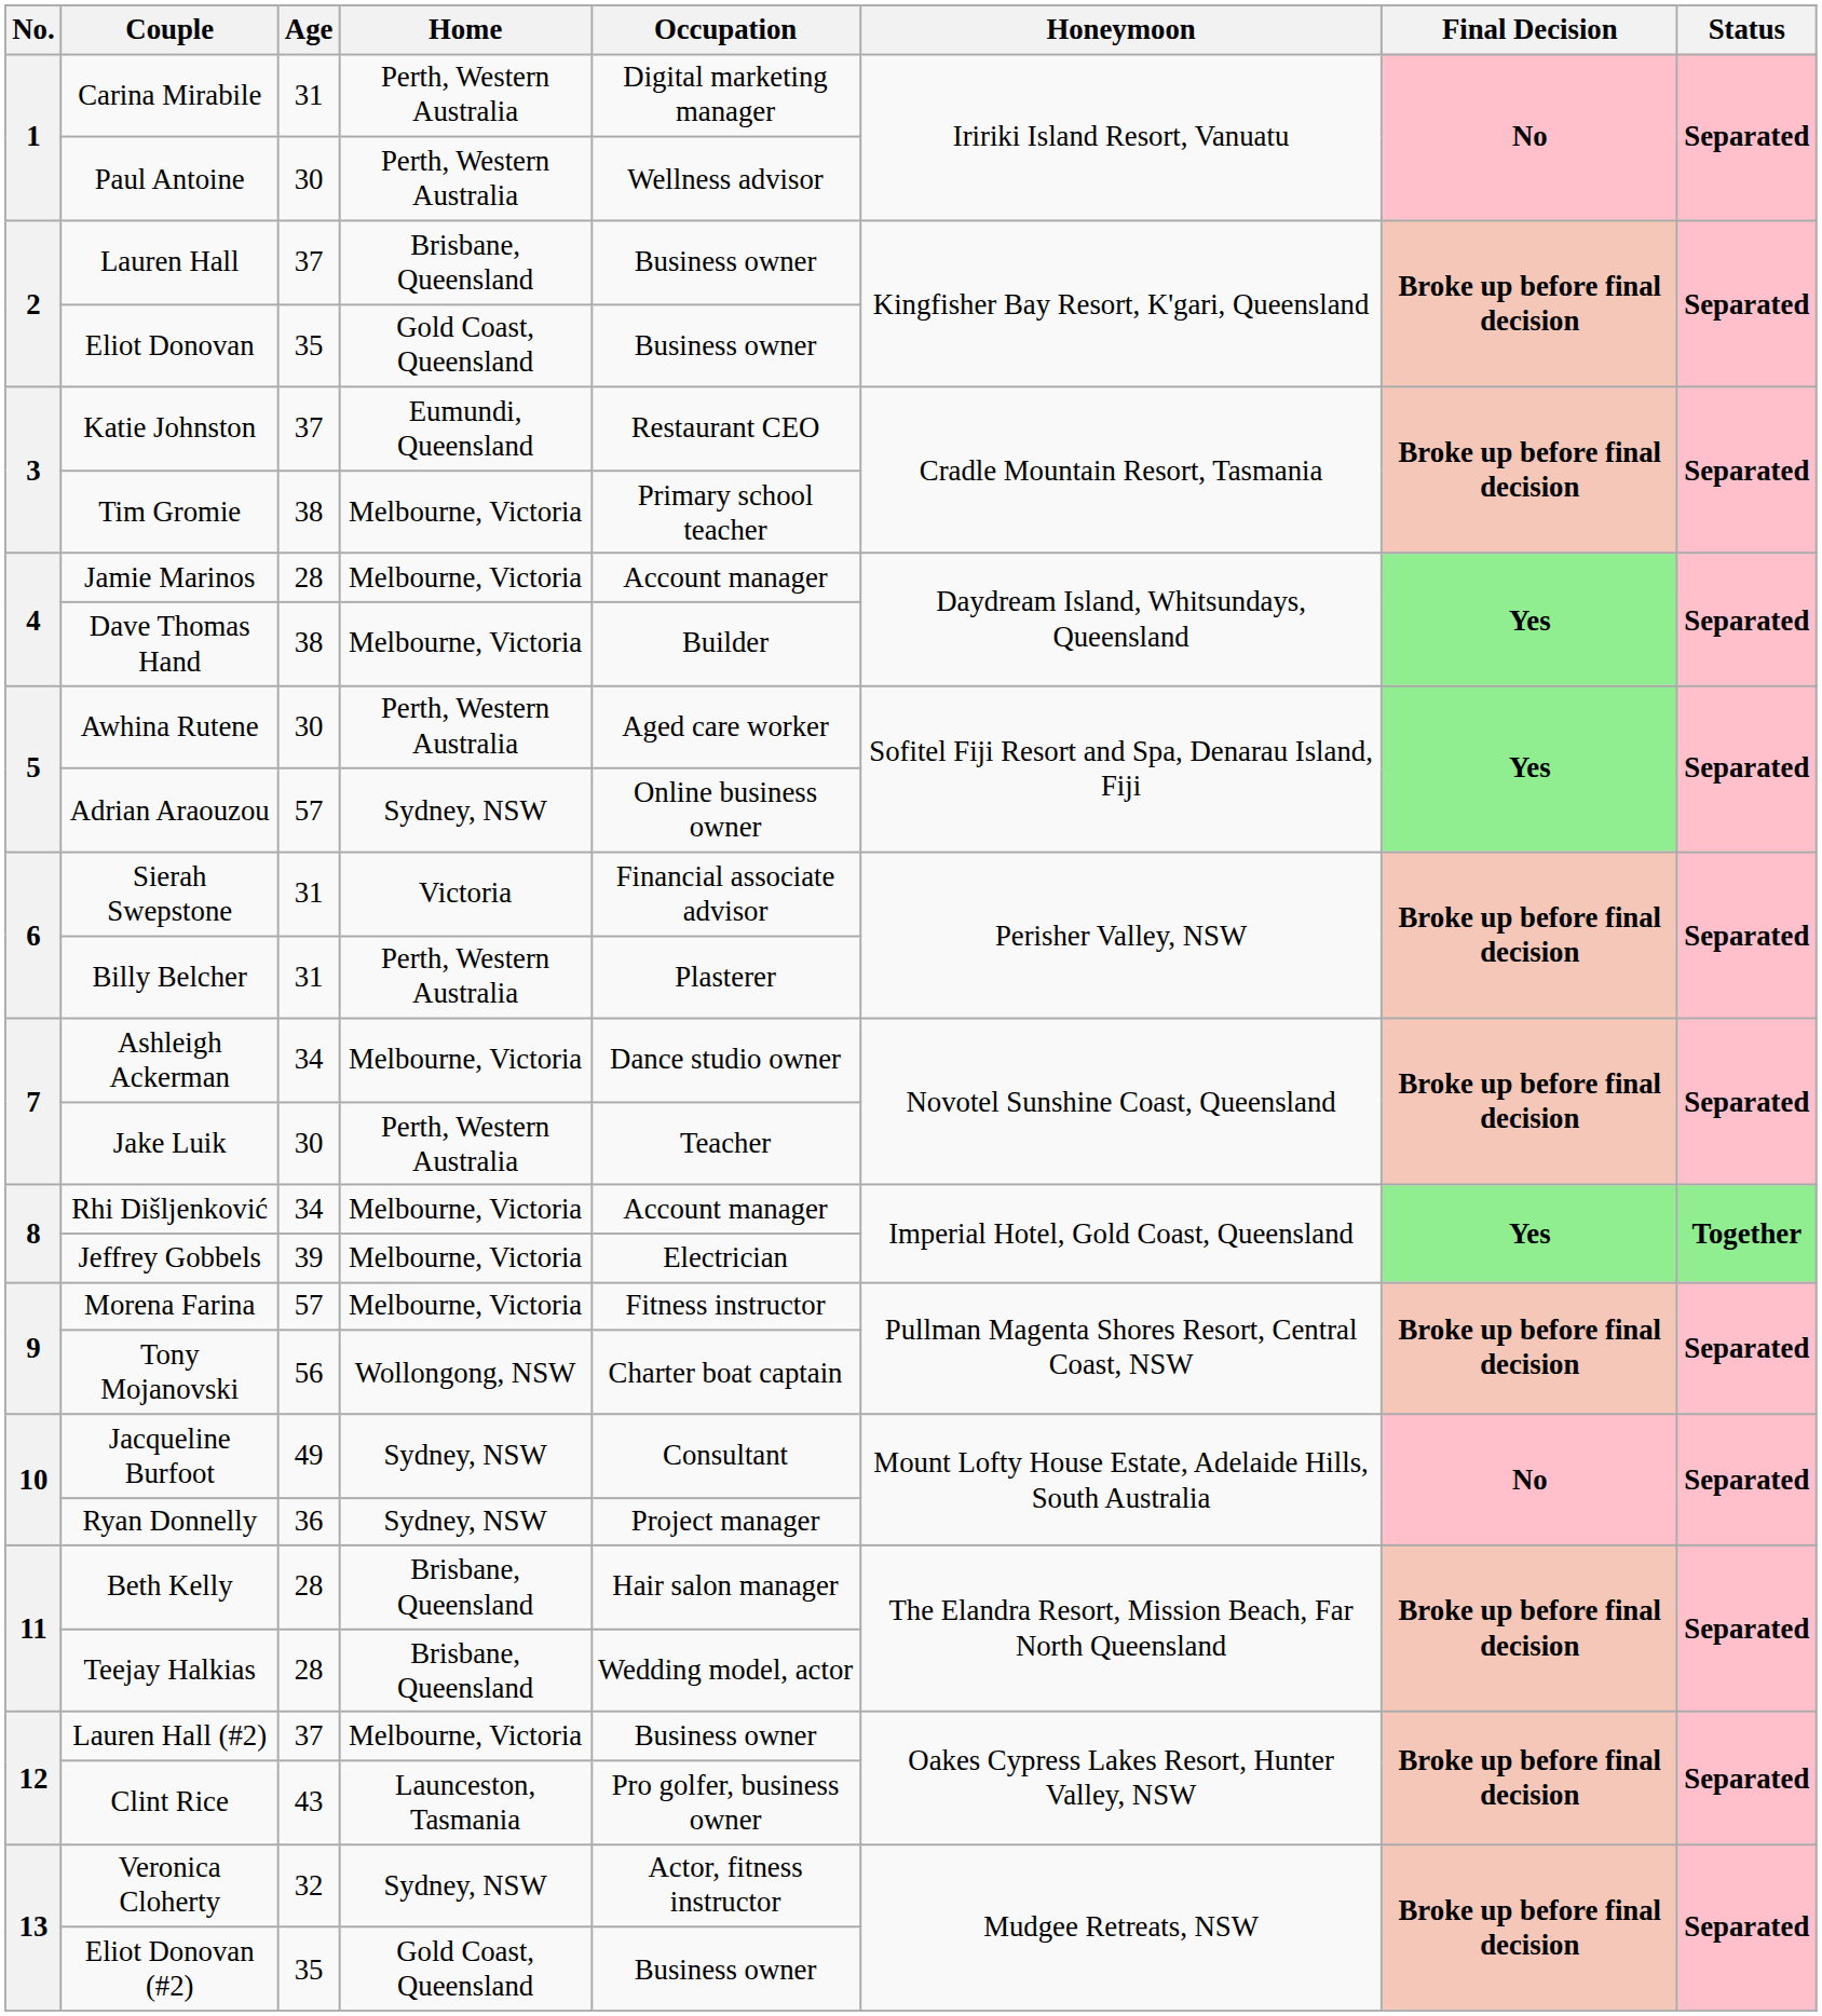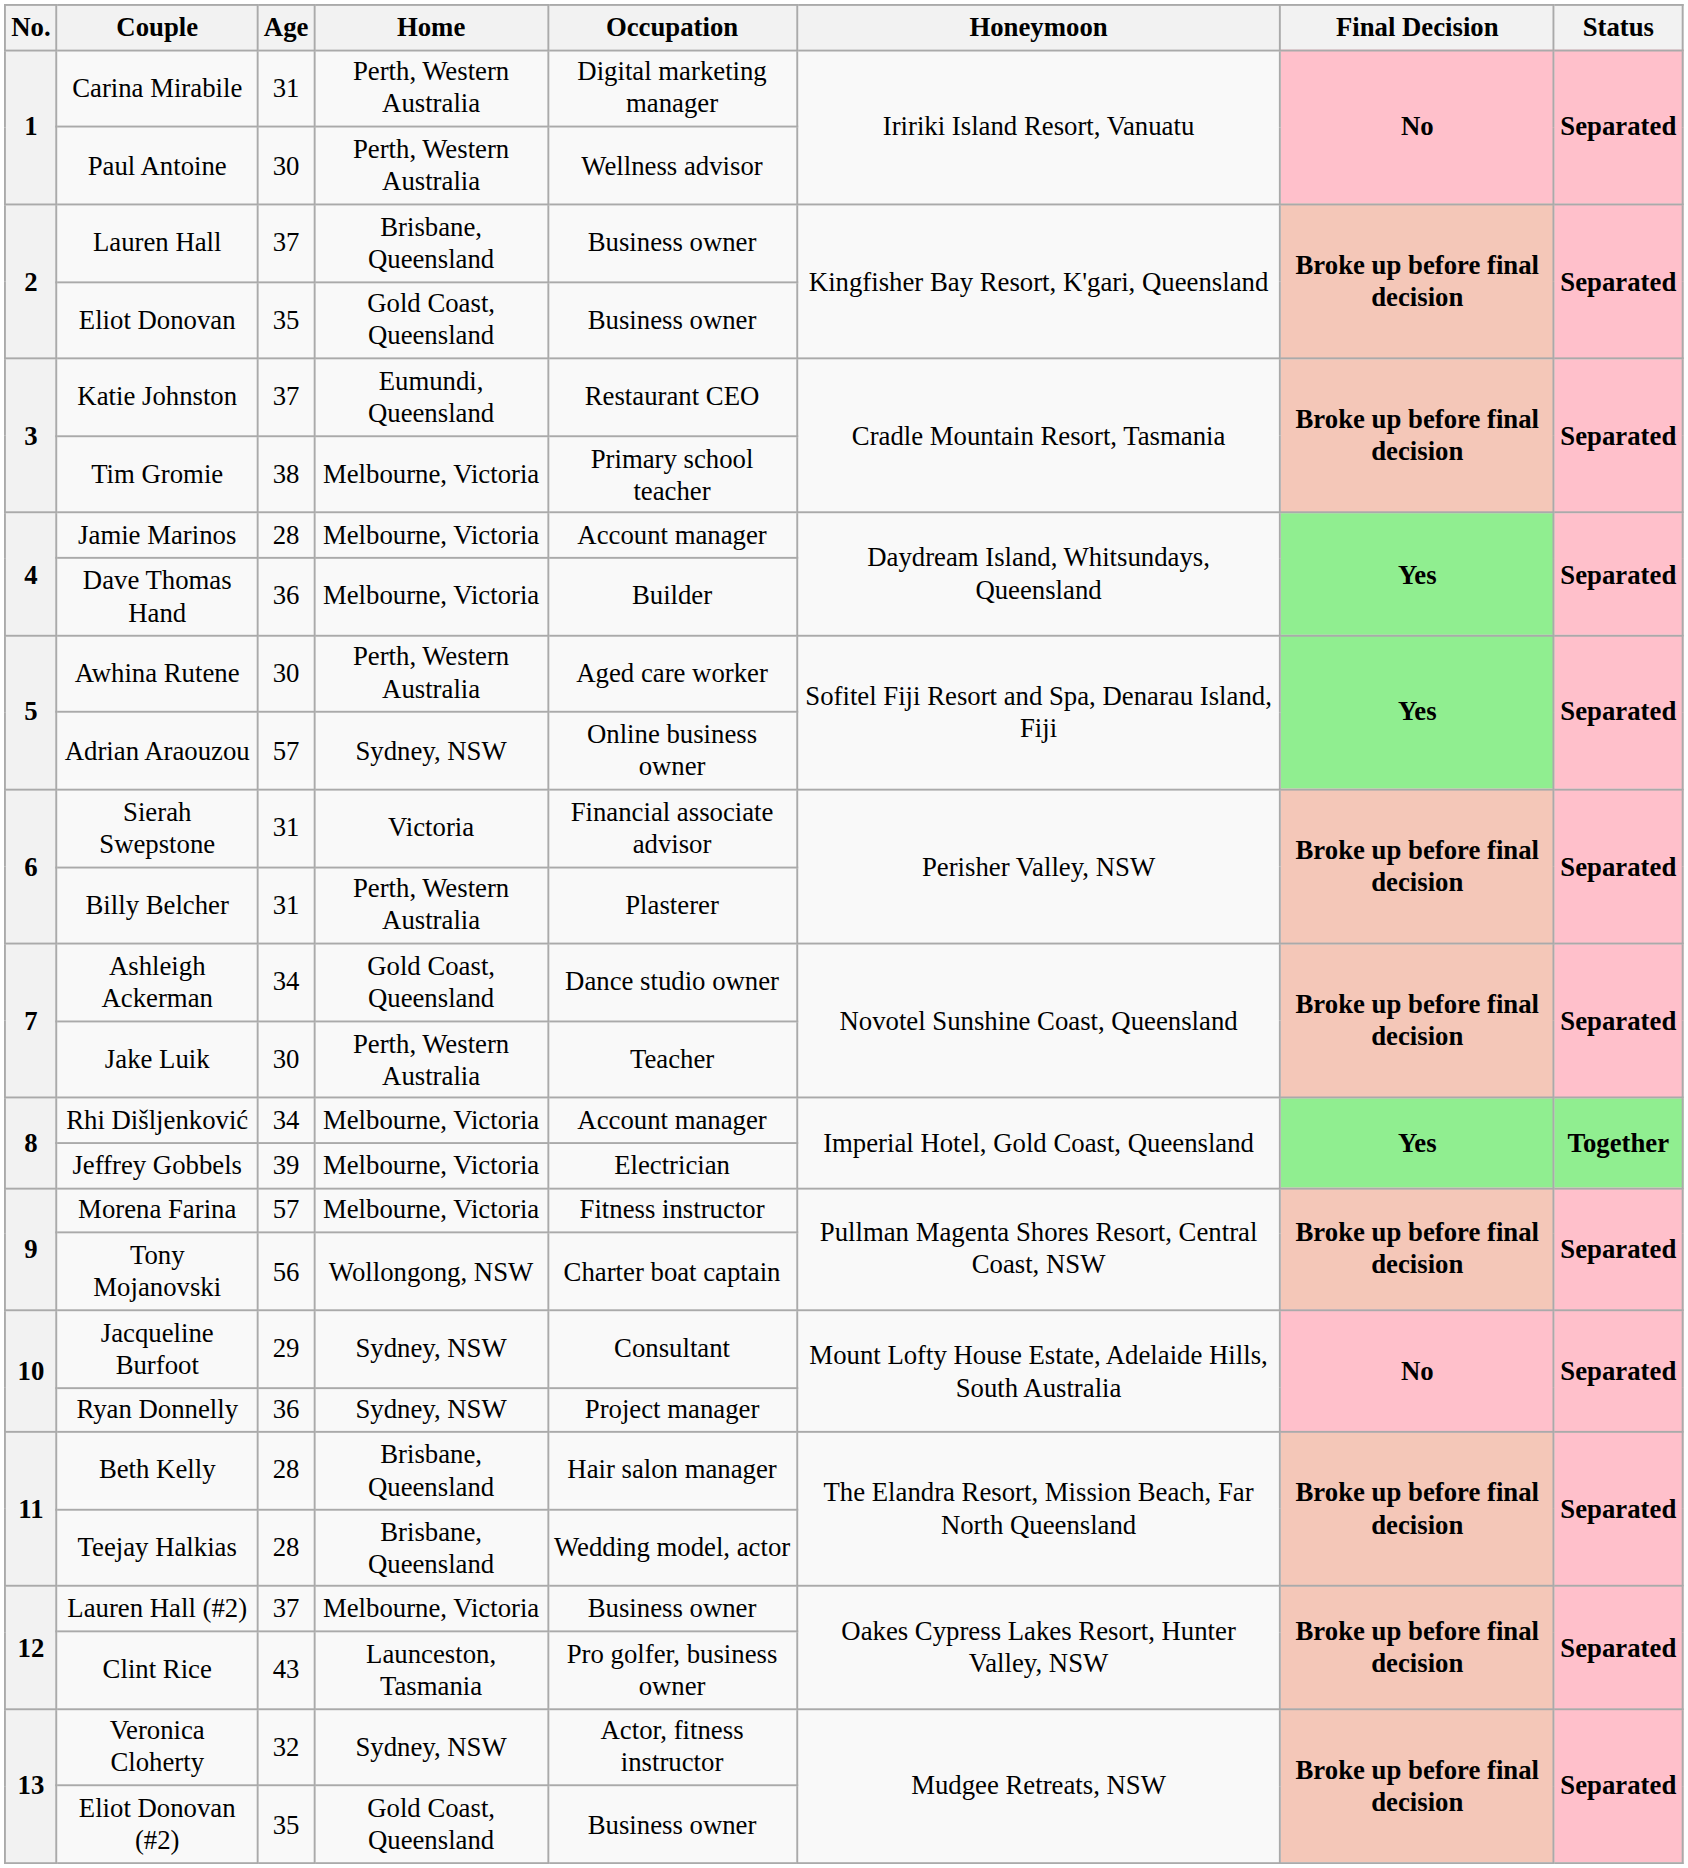 <table class="wikitable plainrowheaders" style="text-align:center; width:100%; font-size:88%;">
 <tr>
 <th>No.</th>
 <th>Couple</th>
 <th>Age</th>
 <th>Home</th>
 <th>Occupation</th>
 <th>Honeymoon</th>
 <th>Final Decision</th>
 <th>Status</th>
 </tr>
 <tr>
 <th rowspan="2">1</th>
 <td>Carina Mirabile</td>
 <td>31</td>
 <td>Perth, Western Australia</td>
 <td>Digital marketing manager</td>
 <td rowspan="2">Iririki Island Resort, Vanuatu</td>
 <th rowspan="2" style="background:pink;">No</th>
 <th rowspan="2" style="background:pink;">Separated</th>
 </tr>
 <tr>
 <td>Paul Antoine</td>
 <td>30</td>
 <td>Perth, Western Australia</td>
 <td>Wellness advisor</td>
 </tr>
 <tr>
 <th rowspan="2">2</th>
 <td>Lauren Hall</td>
 <td>37</td>
 <td>Brisbane, Queensland</td>
 <td>Business owner</td>
 <td rowspan="2">Kingfisher Bay Resort, K'gari, Queensland</td>
 <th rowspan="2" style="background:#f4c7b8;">Broke up before final decision</th>
 <th rowspan="2" style="background:pink;">Separated</th>
 </tr>
 <tr>
 <td>Eliot Donovan</td>
 <td>35</td>
 <td>Gold Coast, Queensland</td>
 <td>Business owner</td>
 </tr>
 <tr>
 <th rowspan="2">3</th>
 <td>Katie Johnston</td>
 <td>37</td>
 <td>Eumundi, Queensland</td>
 <td>Restaurant CEO</td>
 <td rowspan="2">Cradle Mountain Resort, Tasmania</td>
 <th rowspan="2" style="background:#f4c7b8;">Broke up before final decision</th>
 <th rowspan="2" style="background:pink;">Separated</th>
 </tr>
 <tr>
 <td>Tim Gromie</td>
 <td>38</td>
 <td>Melbourne, Victoria</td>
 <td>Primary school teacher</td>
 </tr>
 <tr>
 <th rowspan="2">4</th>
 <td>Jamie Marinos</td>
 <td>28</td>
 <td>Melbourne, Victoria</td>
 <td>Account manager</td>
 <td rowspan="2">Daydream Island, Whitsundays, Queensland</td>
 <th rowspan="2" style="background:lightgreen;">Yes</th>
 <th rowspan="2" style="background:pink;">Separated</th>
 </tr>
 <tr>
 <td>Dave Thomas Hand</td>
-<td>38</td>
+<td>36</td>
 <td>Melbourne, Victoria</td>
 <td>Builder</td>
 </tr>
 <tr>
 <th rowspan="2">5</th>
 <td>Awhina Rutene</td>
 <td>30</td>
 <td>Perth, Western Australia</td>
 <td>Aged care worker</td>
 <td rowspan="2">Sofitel Fiji Resort and Spa, Denarau Island, Fiji</td>
 <th rowspan="2" style="background:lightgreen;">Yes</th>
 <th rowspan="2" style="background:pink;">Separated</th>
 </tr>
 <tr>
 <td>Adrian Araouzou</td>
 <td>57</td>
 <td>Sydney, NSW</td>
 <td>Online business owner</td>
 </tr>
 <tr>
 <th rowspan="2">6</th>
 <td>Sierah Swepstone</td>
 <td>31</td>
 <td>Victoria</td>
 <td>Financial associate advisor</td>
 <td rowspan="2">Perisher Valley, NSW</td>
 <th rowspan="2" style="background:#f4c7b8;">Broke up before final decision</th>
 <th rowspan="2" style="background:pink;">Separated</th>
 </tr>
 <tr>
 <td>Billy Belcher</td>
 <td>31</td>
 <td>Perth, Western Australia</td>
 <td>Plasterer</td>
 </tr>
 <tr>
 <th rowspan="2">7</th>
 <td>Ashleigh Ackerman</td>
 <td>34</td>
-<td>Melbourne, Victoria</td>
+<td>Gold Coast, Queensland</td>
 <td>Dance studio owner</td>
 <td rowspan="2">Novotel Sunshine Coast, Queensland</td>
 <th rowspan="2" style="background:#f4c7b8;">Broke up before final decision</th>
 <th rowspan="2" style="background:pink;">Separated</th>
 </tr>
 <tr>
 <td>Jake Luik</td>
 <td>30</td>
 <td>Perth, Western Australia</td>
 <td>Teacher</td>
 </tr>
 <tr>
 <th rowspan="2">8</th>
 <td>Rhi Dišljenković</td>
 <td>34</td>
 <td>Melbourne, Victoria</td>
 <td>Account manager</td>
 <td rowspan="2">Imperial Hotel, Gold Coast, Queensland</td>
 <th rowspan="2" style="background:lightgreen;">Yes</th>
 <th rowspan="2" style="background:lightgreen;">Together</th>
 </tr>
 <tr>
 <td>Jeffrey Gobbels</td>
 <td>39</td>
 <td>Melbourne, Victoria</td>
 <td>Electrician</td>
 </tr>
 <tr>
 <th rowspan="2">9</th>
 <td>Morena Farina</td>
 <td>57</td>
 <td>Melbourne, Victoria</td>
 <td>Fitness instructor</td>
 <td rowspan="2">Pullman Magenta Shores Resort, Central Coast, NSW</td>
 <th rowspan="2" style="background:#f4c7b8;">Broke up before final decision</th>
 <th rowspan="2" style="background:pink;">Separated</th>
 </tr>
 <tr>
 <td>Tony Mojanovski</td>
 <td>56</td>
 <td>Wollongong, NSW</td>
 <td>Charter boat captain</td>
 </tr>
 <tr>
 <th rowspan="2">10</th>
 <td>Jacqueline Burfoot</td>
-<td>49</td>
+<td>29</td>
 <td>Sydney, NSW</td>
 <td>Consultant</td>
 <td rowspan="2">Mount Lofty House Estate, Adelaide Hills, South Australia</td>
 <th rowspan="2" style="background:pink;">No</th>
 <th rowspan="2" style="background:pink;">Separated</th>
 </tr>
 <tr>
 <td>Ryan Donnelly</td>
 <td>36</td>
 <td>Sydney, NSW</td>
 <td>Project manager</td>
 </tr>
 <tr>
 <th rowspan="2">11</th>
 <td>Beth Kelly</td>
 <td>28</td>
 <td>Brisbane, Queensland</td>
 <td>Hair salon manager</td>
 <td rowspan="2">The Elandra Resort, Mission Beach, Far North Queensland</td>
 <th rowspan="2" style="background:#f4c7b8;">Broke up before final decision</th>
 <th rowspan="2" style="background:pink;">Separated</th>
 </tr>
 <tr>
 <td>Teejay Halkias</td>
 <td>28</td>
 <td>Brisbane, Queensland</td>
 <td>Wedding model, actor</td>
 </tr>
 <tr>
 <th rowspan="2">12</th>
 <td>Lauren Hall (#2)</td>
 <td>37</td>
 <td>Melbourne, Victoria</td>
 <td>Business owner</td>
 <td rowspan="2">Oakes Cypress Lakes Resort, Hunter Valley, NSW</td>
 <th rowspan="2" style="background:#f4c7b8;">Broke up before final decision</th>
 <th rowspan="2" style="background:pink;">Separated</th>
 </tr>
 <tr>
 <td>Clint Rice</td>
 <td>43</td>
 <td>Launceston, Tasmania</td>
 <td>Pro golfer, business owner</td>
 </tr>
 <tr>
 <th rowspan="2">13</th>
 <td>Veronica Cloherty</td>
 <td>32</td>
 <td>Sydney, NSW</td>
 <td>Actor, fitness instructor</td>
 <td rowspan="2">Mudgee Retreats, NSW</td>
 <th rowspan="2" style="background:#f4c7b8;">Broke up before final decision</th>
 <th rowspan="2" style="background:pink;">Separated</th>
 </tr>
 <tr>
 <td>Eliot Donovan (#2)</td>
 <td>35</td>
 <td>Gold Coast, Queensland</td>
 <td>Business owner</td>
 </tr>
 </table>
